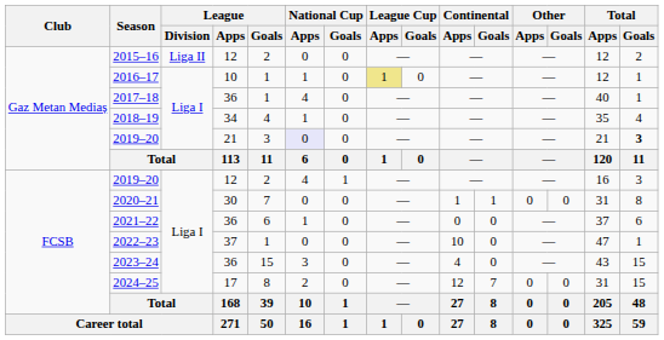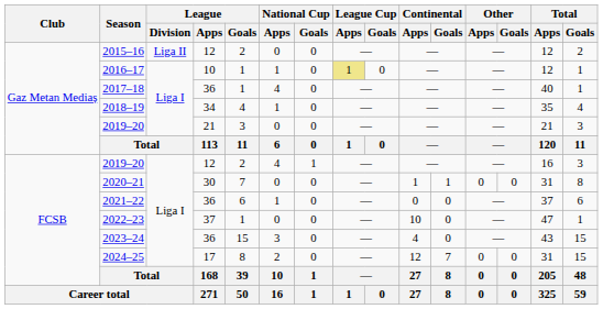 <table class="wikitable" style="text-align:center">
 <tr>
 <th rowspan="2">Club</th>
 <th rowspan="2">Season</th>
 <th colspan="3">League</th>
 <th colspan="2">National Cup</th>
 <th colspan="2">League Cup</th>
 <th colspan="2">Continental</th>
 <th colspan="2">Other</th>
 <th colspan="3">Total</th>
 </tr>
 <tr>
 <th>Division</th>
 <th>Apps</th>
 <th>Goals</th>
 <th>Apps</th>
 <th>Goals</th>
 <th>Apps</th>
 <th>Goals</th>
 <th>Apps</th>
 <th>Goals</th>
 <th>Apps</th>
 <th>Goals</th>
 <th>Apps</th>
 <th>Goals</th>
 </tr>
 <tr>
 <td rowspan="6"><a href='#'>Gaz Metan Mediaș</a></td>
 <td><a href='#'>2015–16</a></td>
 <td><a href='#'>Liga II</a></td>
 <td>12</td>
 <td>2</td>
 <td>0</td>
 <td>0</td>
 <td colspan="2">—</td>
 <td colspan="2">—</td>
 <td colspan="2">—</td>
 <td>12</td>
 <td>2</td>
 </tr>
 <tr>
 <td><a href='#'>2016–17</a></td>
 <td rowspan="4"><a href='#'>Liga I</a></td>
 <td>10</td>
 <td>1</td>
 <td>1</td>
 <td>0</td>
 <td style="background: khaki;">1</td>
 <td>0</td>
 <td colspan="2">—</td>
 <td colspan="2">—</td>
 <td>12</td>
 <td>1</td>
 </tr>
 <tr>
 <td><a href='#'>2017–18</a></td>
 <td>36</td>
 <td>1</td>
 <td>4</td>
 <td>0</td>
 <td colspan="2">—</td>
 <td colspan="2">—</td>
 <td colspan="2">—</td>
 <td>40</td>
 <td>1</td>
 </tr>
 <tr>
 <td><a href='#'>2018–19</a></td>
 <td>34</td>
 <td>4</td>
 <td>1</td>
 <td>0</td>
 <td colspan="2">—</td>
 <td colspan="2">—</td>
 <td colspan="2">—</td>
 <td>35</td>
 <td>4</td>
 </tr>
 <tr>
 <td><a href='#'>2019–20</a></td>
 <td>21</td>
 <td>3</td>
-<td style="background: lavender;">0</td>
+<td>0</td>
 <td>0</td>
 <td colspan="2">—</td>
 <td colspan="2">—</td>
 <td colspan="2">—</td>
 <td>21</td>
-<td><strong>3</strong></td>
+<td>3</td>
 </tr>
 <tr>
 <th colspan="2">Total</th>
 <th>113</th>
 <th>11</th>
 <th>6</th>
 <th>0</th>
 <th>1</th>
 <th>0</th>
 <th colspan="2">—</th>
 <th colspan="2">—</th>
 <th>120</th>
 <th>11</th>
 </tr>
 <tr>
 <td rowspan="7"><a href='#'>FCSB</a></td>
 <td><a href='#'>2019–20</a></td>
 <td rowspan="6">Liga I</td>
 <td>12</td>
 <td>2</td>
 <td>4</td>
 <td>1</td>
 <td colspan="2">—</td>
 <td colspan="2">—</td>
 <td colspan="2">—</td>
 <td>16</td>
 <td>3</td>
 </tr>
 <tr>
 <td><a href='#'>2020–21</a></td>
 <td>30</td>
 <td>7</td>
 <td>0</td>
 <td>0</td>
 <td colspan="2">—</td>
 <td>1</td>
 <td>1</td>
 <td>0</td>
 <td>0</td>
 <td>31</td>
 <td>8</td>
 </tr>
 <tr>
 <td><a href='#'>2021–22</a></td>
 <td>36</td>
 <td>6</td>
 <td>1</td>
 <td>0</td>
 <td colspan="2">—</td>
 <td>0</td>
 <td>0</td>
 <td colspan="2">—</td>
 <td>37</td>
 <td>6</td>
 </tr>
 <tr>
 <td><a href='#'>2022–23</a></td>
 <td>37</td>
 <td>1</td>
 <td>0</td>
 <td>0</td>
 <td colspan="2">—</td>
 <td>10</td>
 <td>0</td>
 <td colspan="2">—</td>
 <td>47</td>
 <td>1</td>
 </tr>
 <tr>
 <td><a href='#'>2023–24</a></td>
 <td>36</td>
 <td>15</td>
 <td>3</td>
 <td>0</td>
 <td colspan="2">—</td>
 <td>4</td>
 <td>0</td>
 <td colspan="2">—</td>
 <td>43</td>
 <td>15</td>
 </tr>
 <tr>
 <td><a href='#'>2024–25</a></td>
 <td>17</td>
 <td>8</td>
 <td>2</td>
 <td>0</td>
 <td colspan="2">—</td>
 <td>12</td>
 <td>7</td>
 <td>0</td>
 <td>0</td>
 <td>31</td>
 <td>15</td>
 </tr>
 <tr>
 <th colspan="2">Total</th>
 <th>168</th>
 <th>39</th>
 <th>10</th>
 <th>1</th>
 <th colspan="2">—</th>
 <th>27</th>
 <th>8</th>
 <th>0</th>
 <th>0</th>
 <th>205</th>
 <th>48</th>
 </tr>
 <tr>
 <th colspan="3">Career total</th>
 <th>271</th>
 <th>50</th>
 <th>16</th>
 <th>1</th>
 <th>1</th>
 <th>0</th>
 <th>27</th>
 <th>8</th>
 <th>0</th>
 <th>0</th>
 <th>325</th>
 <th>59</th>
 </tr>
 </table>
